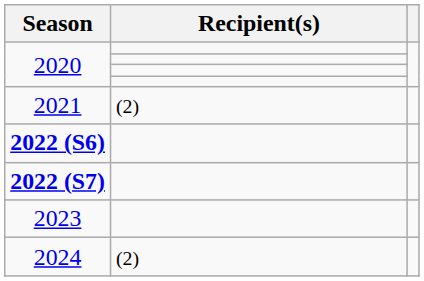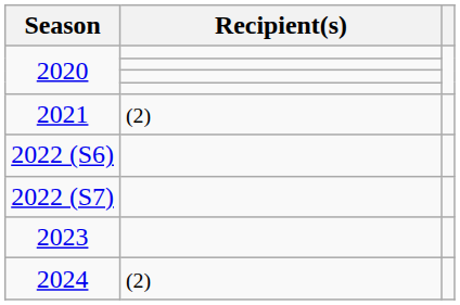 <table class="wikitable sortable" style=text-align:center>
 <tr>
 <th>Season</th>
 <th style=width:12em>Recipient(s)</th>
 <th class=unsortable></th>
 </tr>
 <tr>
 <td rowspan=4><a href='#'>2020</a></td>
 <td align=left><strong></strong></td>
 <td rowspan=4></td>
 </tr>
 <tr>
 <td align=left></td>
 </tr>
 <tr>
 <td align=left><strong></strong></td>
 </tr>
 <tr>
 <td align=left><strong></strong></td>
 </tr>
 <tr>
 <td><a href='#'>2021</a></td>
 <td align=left><strong></strong> <small>(2)</small></td>
 <td></td>
 </tr>
 <tr>
-<td><strong><a href='#'>2022 (S6)</a></strong></td>
+<td><a href='#'>2022 (S6)</a></td>
 <td align=left><strong></strong></td>
 <td></td>
 </tr>
 <tr>
-<td><strong><a href='#'>2022 (S7)</a></strong></td>
+<td><a href='#'>2022 (S7)</a></td>
 <td align=left></td>
 <td></td>
 </tr>
 <tr>
 <td><a href='#'>2023</a></td>
 <td align=left><strong></strong></td>
 <td></td>
 </tr>
 <tr>
 <td><a href='#'>2024</a></td>
 <td align="left"><strong></strong> <small>(2)</small></td>
 <td></td>
 </tr>
 </table>
